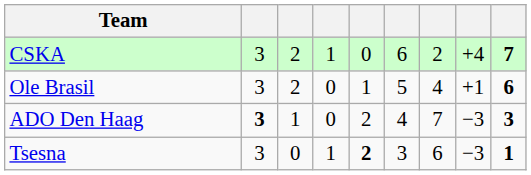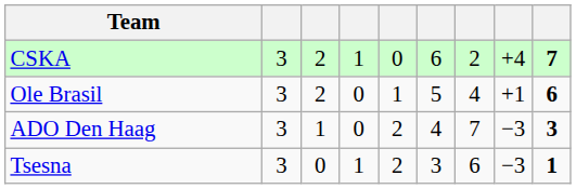 <table class="wikitable" style="text-align:center;">
 <tr>
 <th width=175>Team</th>
 <th width=20></th>
 <th width=20></th>
 <th width=20></th>
 <th width=20></th>
 <th width=20></th>
 <th width=20></th>
 <th width=20></th>
 <th width=20></th>
 </tr>
 <tr bgcolor=ccffcc>
 <td align="left"> <a href='#'>CSKA</a></td>
 <td>3</td>
 <td>2</td>
 <td>1</td>
 <td>0</td>
 <td>6</td>
 <td>2</td>
 <td>+4</td>
 <td><strong>7</strong></td>
 </tr>
 <tr>
 <td align="left"> <a href='#'>Ole Brasil</a></td>
 <td>3</td>
 <td>2</td>
 <td>0</td>
 <td>1</td>
 <td>5</td>
 <td>4</td>
 <td>+1</td>
 <td><strong>6</strong></td>
 </tr>
 <tr>
 <td align="left"> <a href='#'>ADO Den Haag</a></td>
-<td><strong>3</strong></td>
+<td>3</td>
 <td>1</td>
 <td>0</td>
 <td>2</td>
 <td>4</td>
 <td>7</td>
 <td>−3</td>
 <td><strong>3</strong></td>
 </tr>
 <tr>
 <td align="left"> <a href='#'>Tsesna</a></td>
 <td>3</td>
 <td>0</td>
 <td>1</td>
-<td><strong>2</strong></td>
+<td>2</td>
 <td>3</td>
 <td>6</td>
 <td>−3</td>
 <td><strong>1</strong></td>
 </tr>
 </table>
